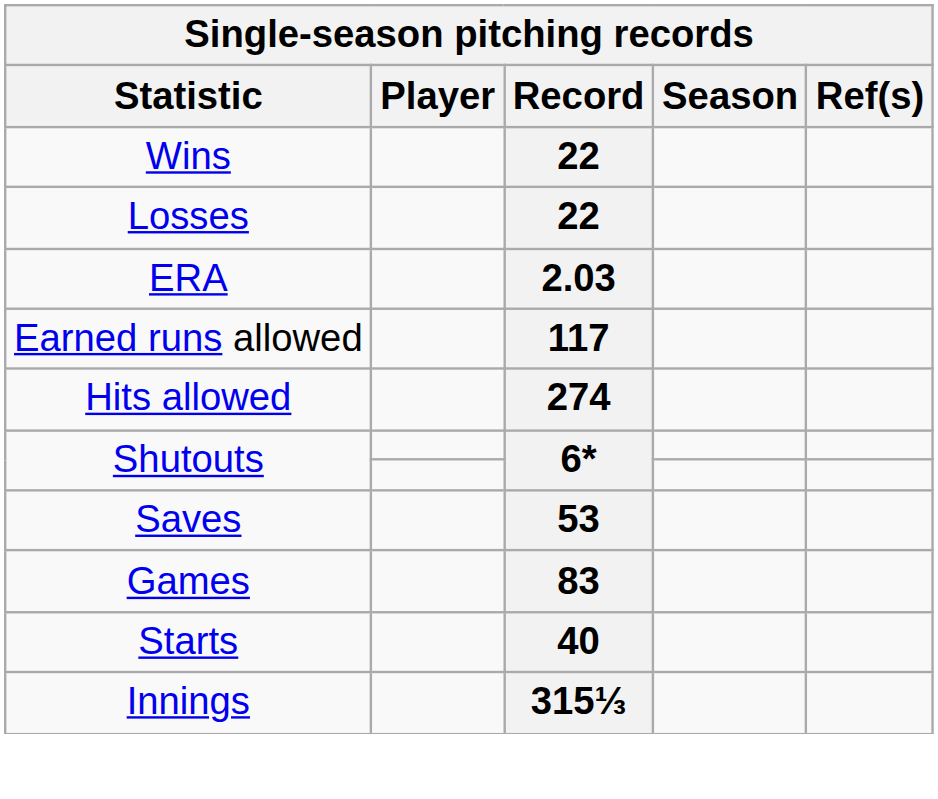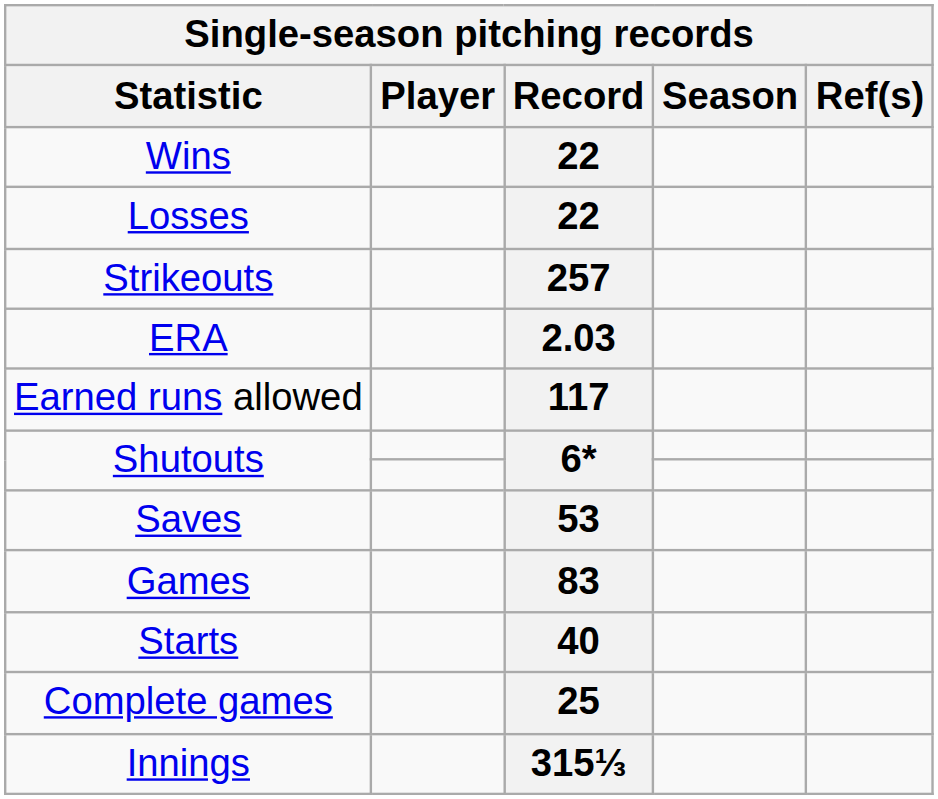 <table class="wikitable" style="text-align:center">
 <tr>
 <th colspan=5>Single-season pitching records</th>
 </tr>
 <tr>
 <th scope="col">Statistic</th>
 <th scope="col">Player</th>
 <th scope="col" class="unsortable">Record</th>
 <th scope="col">Season</th>
 <th scope="col" class="unsortable">Ref(s)</th>
 </tr>
 <tr>
 <td><a href='#'>Wins</a></td>
 <td></td>
 <th scope="row">22</th>
 <td></td>
 <td></td>
 </tr>
 <tr>
 <td><a href='#'>Losses</a></td>
 <td></td>
 <th scope="row">22</th>
 <td></td>
 <td></td>
 </tr>
 <tr>
+<td><a href='#'>Strikeouts</a></td>
+<td></td>
+<th scope="row">257</th>
+<td></td>
+<td></td>
+</tr>
+<tr>
 <td><a href='#'>ERA</a></td>
 <td></td>
 <th scope="row">2.03</th>
 <td></td>
 <td></td>
 </tr>
 <tr>
 <td><a href='#'>Earned runs</a> allowed</td>
 <td></td>
 <th scope="row">117</th>
-<td></td>
-<td></td>
-</tr>
-<tr>
-<td><a href='#'>Hits allowed</a></td>
-<td></td>
-<th scope="row">274</th>
 <td></td>
 <td></td>
 </tr>
 <tr>
 <td rowspan=2><a href='#'>Shutouts</a></td>
 <td></td>
 <th scope="row" rowspan=2>6*</th>
 <td></td>
 <td></td>
 </tr>
 <tr>
 <td></td>
 <td></td>
 <td></td>
 </tr>
 <tr>
 <td><a href='#'>Saves</a></td>
 <td></td>
 <th scope="row">53</th>
 <td></td>
 <td></td>
 </tr>
 <tr>
 <td><a href='#'>Games</a></td>
 <td></td>
 <th scope="row">83</th>
 <td></td>
 <td></td>
 </tr>
 <tr>
 <td><a href='#'>Starts</a></td>
 <td></td>
 <th scope="row">40</th>
 <td></td>
 <td></td>
 </tr>
 <tr>
+<td><a href='#'>Complete games</a></td>
+<td></td>
+<th scope="row">25</th>
+<td></td>
+<td></td>
+</tr>
+<tr>
 <td><a href='#'>Innings</a></td>
 <td></td>
 <th scope="row">315⅓</th>
 <td></td>
 <td></td>
 </tr>
 </table>
